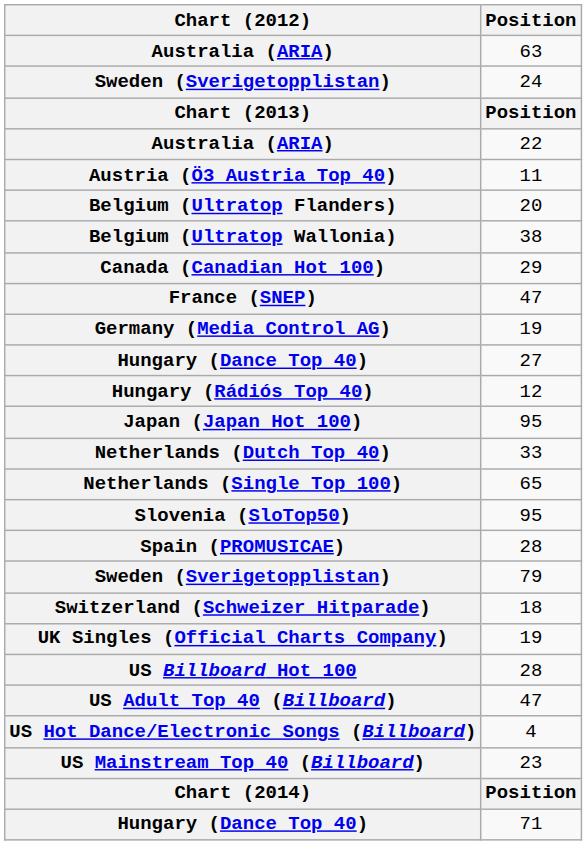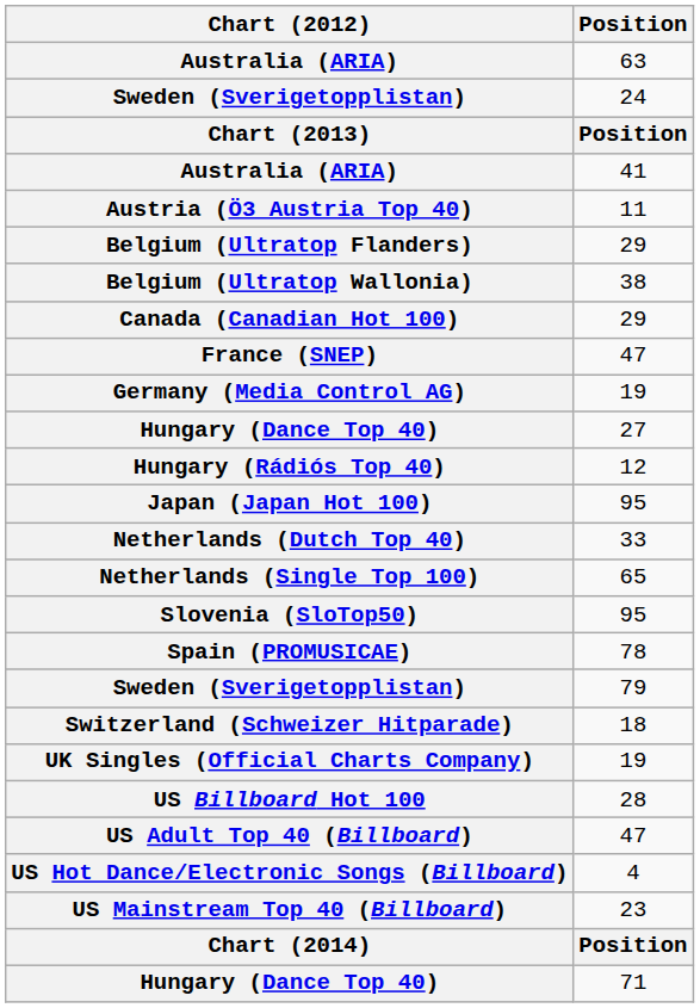 <table class="wikitable plainrowheaders sortable" style="text-align:center;">
 <tr>
 <th scope="col">Chart (2012)</th>
 <th scope="col">Position</th>
 </tr>
 <tr>
 <th scope="row">Australia (<a href='#'>ARIA</a>)</th>
 <td style="text-align:center;">63</td>
 </tr>
 <tr>
 <th scope="row">Sweden (<a href='#'>Sverigetopplistan</a>)</th>
 <td style="text-align:center;">24</td>
 </tr>
 <tr>
 <th scope="col">Chart (2013)</th>
 <th scope="col">Position</th>
 </tr>
 <tr>
 <th scope="row">Australia (<a href='#'>ARIA</a>)</th>
-<td style="text-align:center;">22</td>
+<td style="text-align:center;">41</td>
 </tr>
 <tr>
 <th scope="row">Austria (<a href='#'>Ö3 Austria Top 40</a>)</th>
 <td style="text-align:center;">11</td>
 </tr>
 <tr>
 <th scope="row">Belgium (<a href='#'>Ultratop</a> Flanders)</th>
-<td style="text-align:center;">20</td>
+<td style="text-align:center;">29</td>
 </tr>
 <tr>
 <th scope="row">Belgium (<a href='#'>Ultratop</a> Wallonia)</th>
 <td style="text-align:center;">38</td>
 </tr>
 <tr>
 <th scope="row">Canada (<a href='#'>Canadian Hot 100</a>)</th>
 <td align="center">29</td>
 </tr>
 <tr>
 <th scope="row">France (<a href='#'>SNEP</a>)</th>
 <td style="text-align:center;">47</td>
 </tr>
 <tr>
 <th scope="row">Germany (<a href='#'>Media Control AG</a>)</th>
 <td style="text-align:center;">19</td>
 </tr>
 <tr>
 <th scope="row">Hungary (<a href='#'>Dance Top 40</a>)</th>
 <td style="text-align:center;">27</td>
 </tr>
 <tr>
 <th scope="row">Hungary (<a href='#'>Rádiós Top 40</a>)</th>
 <td align="center">12</td>
 </tr>
 <tr>
 <th scope="row">Japan (<a href='#'>Japan Hot 100</a>)</th>
 <td style="text-align:center;">95</td>
 </tr>
 <tr>
 <th scope="row">Netherlands (<a href='#'>Dutch Top 40</a>)</th>
 <td style="text-align:center;">33</td>
 </tr>
 <tr>
 <th scope="row">Netherlands (<a href='#'>Single Top 100</a>)</th>
 <td style="text-align:center;">65</td>
 </tr>
 <tr>
 <th scope="row">Slovenia (<a href='#'>SloTop50</a>)</th>
 <td align=center>95</td>
 </tr>
 <tr>
 <th scope="row">Spain (<a href='#'>PROMUSICAE</a>)</th>
-<td style="text-align:center;">28</td>
+<td style="text-align:center;">78</td>
 </tr>
 <tr>
 <th scope="row">Sweden (<a href='#'>Sverigetopplistan</a>)</th>
 <td style="text-align:center;">79</td>
 </tr>
 <tr>
 <th scope="row">Switzerland (<a href='#'>Schweizer Hitparade</a>)</th>
 <td style="text-align:center;">18</td>
 </tr>
 <tr>
 <th scope="row">UK Singles (<a href='#'>Official Charts Company</a>)</th>
 <td align="center">19</td>
 </tr>
 <tr>
 <th scope="row">US <a href='#'><em>Billboard</em> Hot 100</a></th>
 <td style="text-align:center;">28</td>
 </tr>
 <tr>
 <th scope="row">US <a href='#'>Adult Top 40</a> (<em><a href='#'>Billboard</a></em>)</th>
 <td style="text-align:center;">47</td>
 </tr>
 <tr>
 <th scope="row">US <a href='#'>Hot Dance/Electronic Songs</a> (<em><a href='#'>Billboard</a></em>)</th>
 <td style="text-align:center;">4</td>
 </tr>
 <tr>
 <th scope="row">US <a href='#'>Mainstream Top 40</a> (<em><a href='#'>Billboard</a></em>)</th>
 <td style="text-align:center;">23</td>
 </tr>
 <tr>
 <th scope="col">Chart (2014)</th>
 <th scope="col">Position</th>
 </tr>
 <tr>
 <th scope="row">Hungary (<a href='#'>Dance Top 40</a>)</th>
 <td style="text-align:center;">71</td>
 </tr>
 </table>
